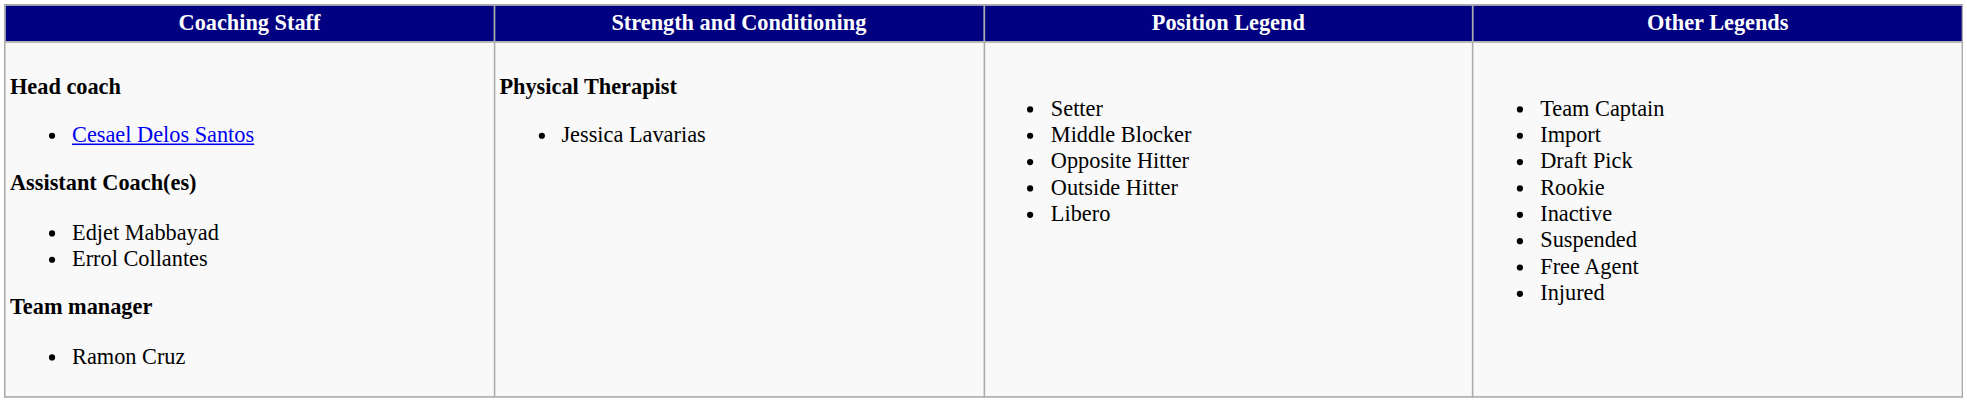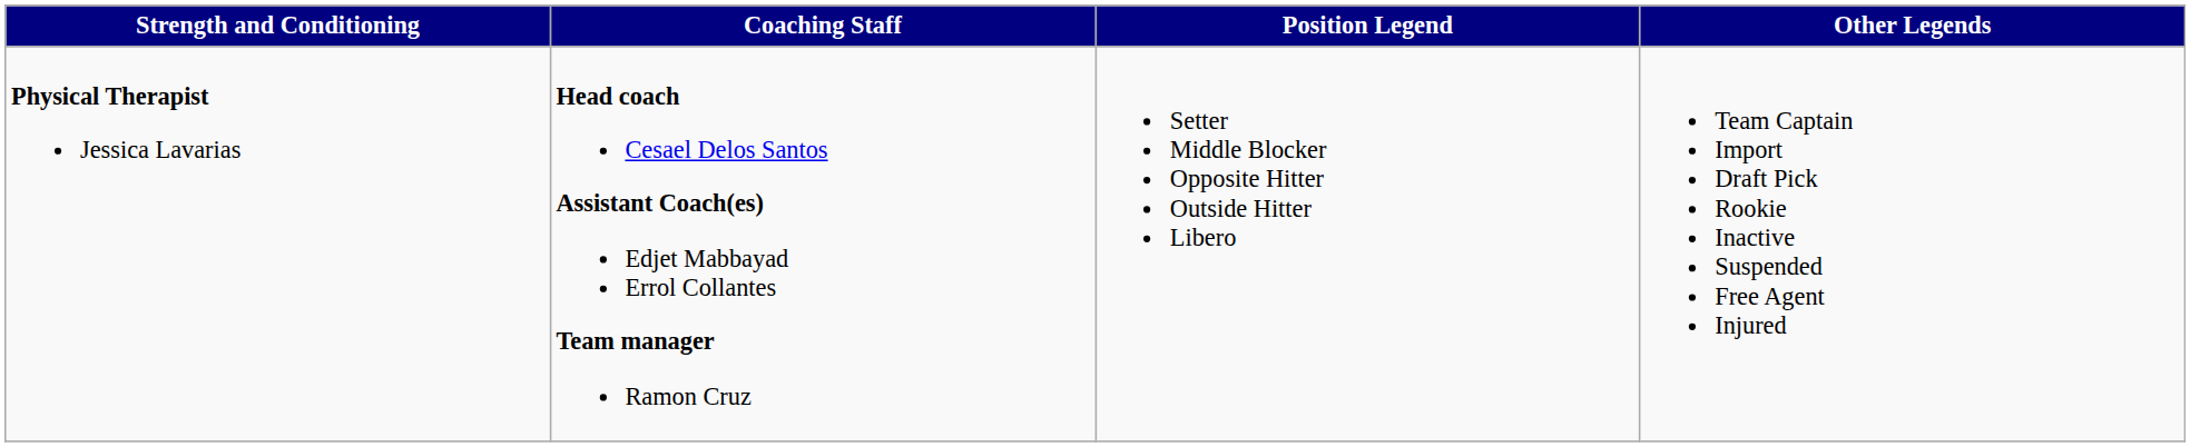 <table class=wikitable style="font-size:90%; width:100%">
 <tr>
+<th style="background:navy; color:white;" width="25%">Strength and Conditioning</th>
 <th style="background:navy; color:white;" width="25%">Coaching Staff</th>
-<th style="background:navy; color:white;" width="25%">Strength and Conditioning</th>
 <th style="background:navy; color:white;" width="25%">Position Legend</th>
 <th style="background:navy; color:white;" width="25%">Other Legends</th>
 </tr>
 <tr>
+<td valign="top"><br><strong>Physical Therapist</strong><ul><li> Jessica Lavarias</li></ul></td>
 <td valign="top"><br><strong>Head coach</strong><ul><li> <a href='#'>Cesael Delos Santos</a></li></ul><strong>Assistant Coach(es)</strong><ul><li> Edjet Mabbayad</li><li> Errol Collantes</li></ul><strong>Team manager</strong><ul><li> Ramon Cruz</li></ul></td>
-<td valign="top"><br><strong>Physical Therapist</strong><ul><li> Jessica Lavarias</li></ul></td>
 <td valign="top"><br><ul><li> Setter</li><li> Middle Blocker</li><li> Opposite Hitter</li><li> Outside Hitter</li><li> Libero</li></ul></td>
 <td valign="top"><br><ul><li> Team Captain</li><li> Import</li><li> Draft Pick</li><li> Rookie</li><li> Inactive</li><li> Suspended</li><li> Free Agent</li><li> Injured</li></ul></td>
 </tr>
 </table>
